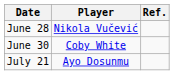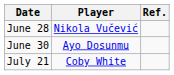 <table class="wikitable sortable" style="text-align:center">
 <tr>
 <th>Date</th>
 <th>Player</th>
 <th>Ref.</th>
 </tr>
 <tr>
 <td>June 28</td>
 <td><a href='#'>Nikola Vučević</a></td>
 <td></td>
 </tr>
 <tr>
 <td>June 30</td>
-<td><a href='#'>Coby White</a></td>
+<td><a href='#'>Ayo Dosunmu</a></td>
 <td></td>
 </tr>
 <tr>
 <td>July 21</td>
-<td><a href='#'>Ayo Dosunmu</a></td>
+<td><a href='#'>Coby White</a></td>
 <td></td>
 </tr>
 </table>
